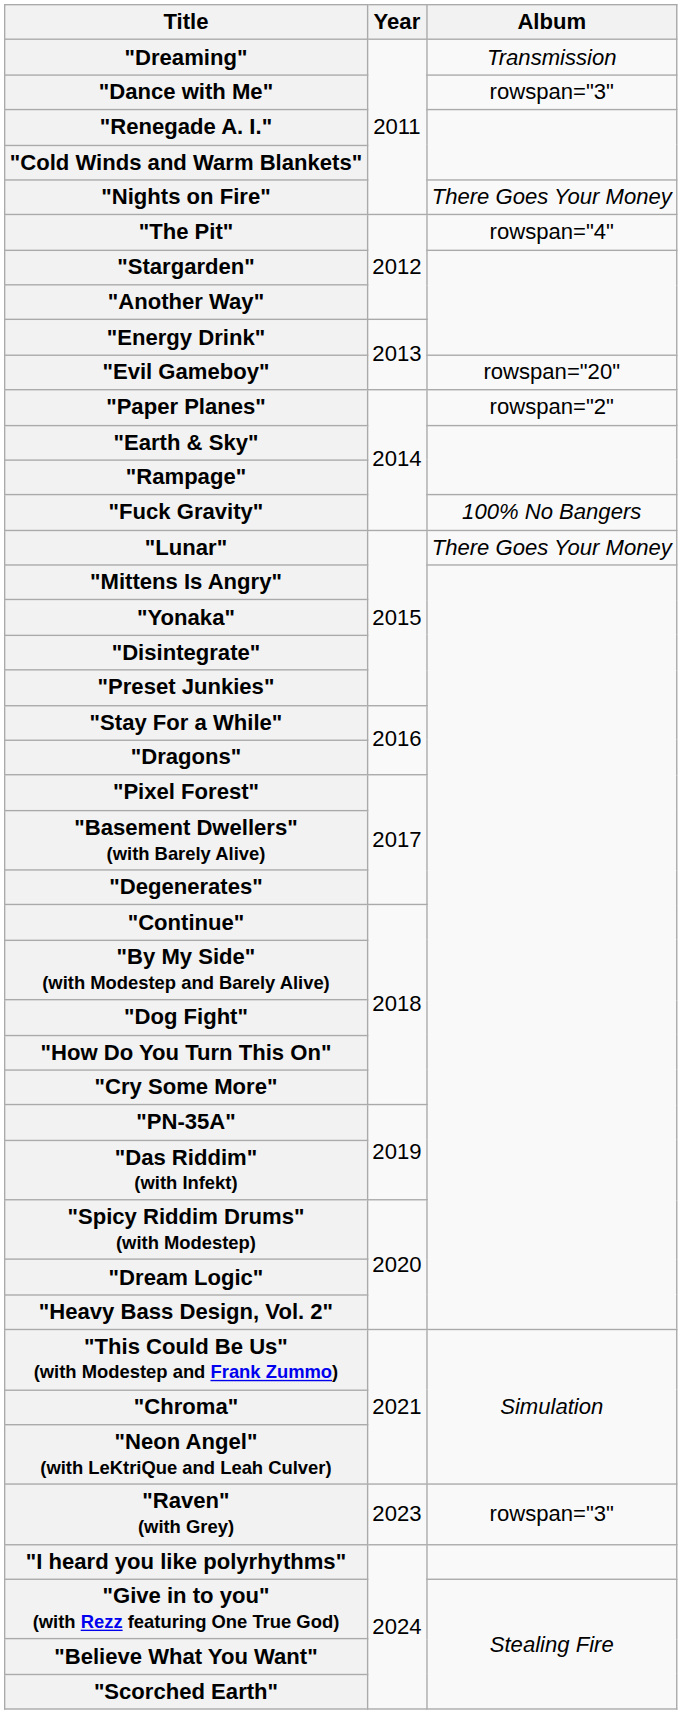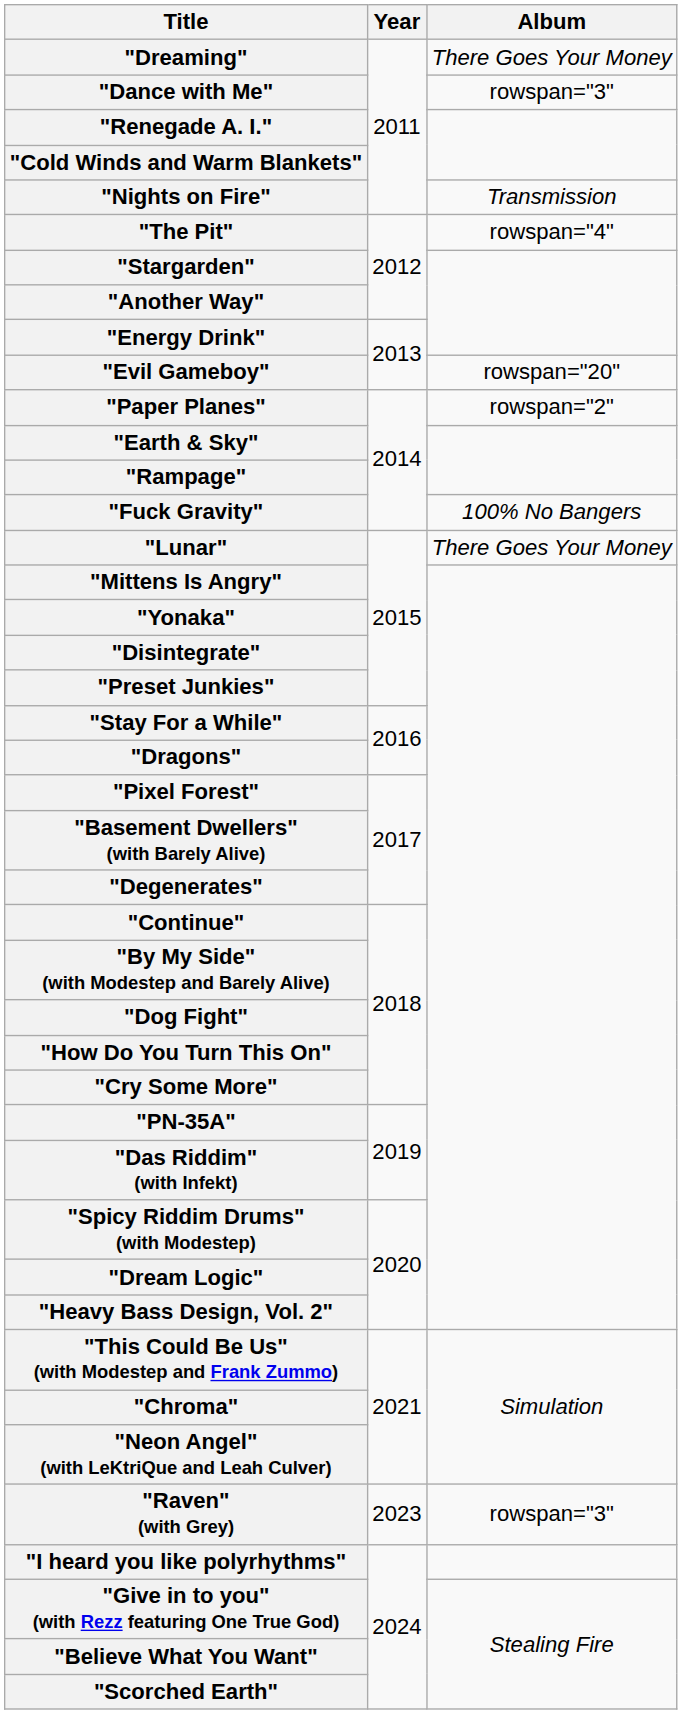 <table class="wikitable plainrowheaders" style="text-align:center;">
 <tr>
 <th scope="col">Title</th>
 <th scope="col">Year</th>
 <th scope="col">Album</th>
 </tr>
 <tr>
 <th scope="row">"Dreaming"</th>
 <td rowspan="5">2011</td>
-<td><em>Transmission</em></td>
+<td><em>There Goes Your Money</em></td>
 </tr>
 <tr>
 <th scope="row">"Dance with Me"</th>
 <td>rowspan="3" </td>
 </tr>
 <tr>
 <th scope="row">"Renegade A. I."</th>
 </tr>
 <tr>
 <th scope="row">"Cold Winds and Warm Blankets"</th>
 </tr>
 <tr>
 <th scope="row">"Nights on Fire"</th>
-<td><em>There Goes Your Money</em></td>
+<td><em>Transmission</em></td>
 </tr>
 <tr>
 <th scope="row">"The Pit"</th>
 <td rowspan="3">2012</td>
 <td>rowspan="4" </td>
 </tr>
 <tr>
 <th scope="row">"Stargarden"</th>
 </tr>
 <tr>
 <th scope="row">"Another Way"</th>
 </tr>
 <tr>
 <th scope="row">"Energy Drink"</th>
 <td rowspan="2">2013</td>
 </tr>
 <tr>
 <th scope="row">"Evil Gameboy"</th>
 <td>rowspan="20" </td>
 </tr>
 <tr>
 <th scope="row">"Paper Planes"</th>
 <td rowspan="4">2014</td>
 <td>rowspan="2" </td>
 </tr>
 <tr>
 <th scope="row">"Earth & Sky"</th>
 </tr>
 <tr>
 <th scope="row">"Rampage"</th>
 </tr>
 <tr>
 <th scope="row">"Fuck Gravity"</th>
 <td><em>100% No Bangers</em></td>
 </tr>
 <tr>
 <th scope="row">"Lunar"</th>
 <td rowspan="5">2015</td>
 <td><em>There Goes Your Money</em></td>
 </tr>
 <tr>
 <th scope="row">"Mittens Is Angry"</th>
 </tr>
 <tr>
 <th scope="row">"Yonaka"</th>
 </tr>
 <tr>
 <th scope="row">"Disintegrate"</th>
 </tr>
 <tr>
 <th scope="row">"Preset Junkies"</th>
 </tr>
 <tr>
 <th scope="row">"Stay For a While"</th>
 <td rowspan="2">2016</td>
 </tr>
 <tr>
 <th scope="row">"Dragons"</th>
 </tr>
 <tr>
 <th scope="row">"Pixel Forest"</th>
 <td rowspan="3">2017</td>
 </tr>
 <tr>
 <th scope="row">"Basement Dwellers" <br><small>(with Barely Alive)</small></th>
 </tr>
 <tr>
 <th scope="row">"Degenerates"</th>
 </tr>
 <tr>
 <th scope="row">"Continue"</th>
 <td rowspan="5">2018</td>
 </tr>
 <tr>
 <th scope="row">"By My Side" <br><small>(with Modestep and Barely Alive)</small></th>
 </tr>
 <tr>
 <th scope="row">"Dog Fight"</th>
 </tr>
 <tr>
 <th scope="row">"How Do You Turn This On"</th>
 </tr>
 <tr>
 <th scope="row">"Cry Some More"</th>
 </tr>
 <tr>
 <th scope="row">"PN-35A"</th>
 <td rowspan="2">2019</td>
 </tr>
 <tr>
 <th scope="row">"Das Riddim" <br><small>(with Infekt)</small></th>
 </tr>
 <tr>
 <th scope="row">"Spicy Riddim Drums" <br><small>(with Modestep)</small></th>
 <td rowspan="3">2020</td>
 </tr>
 <tr>
 <th scope="row">"Dream Logic"</th>
 </tr>
 <tr>
 <th scope="row">"Heavy Bass Design, Vol. 2" <br></th>
 </tr>
 <tr>
 <th scope="row">"This Could Be Us" <br><small>(with Modestep and <a href='#'>Frank Zummo</a>)</small></th>
 <td rowspan="3">2021</td>
 <td rowspan="3"><em>Simulation</em></td>
 </tr>
 <tr>
 <th scope="row">"Chroma"</th>
 </tr>
 <tr>
 <th scope="row">"Neon Angel" <br><small>(with LeKtriQue and Leah Culver)</small></th>
 </tr>
 <tr>
 <th scope="row">"Raven"<br><small>(with Grey)</small></th>
 <td>2023</td>
 <td>rowspan="3" </td>
 </tr>
 <tr>
 <th scope="row">"I heard you like polyrhythms"</th>
 <td rowspan="6">2024</td>
 </tr>
 <tr>
 <th scope="row">"Give in to you"<br><small>(with <a href='#'>Rezz</a> featuring One True God)</small></th>
 <td rowspan="3"><em>Stealing Fire</em></td>
 </tr>
 <tr>
 <th scope="row">"Believe What You Want"</th>
 </tr>
 <tr>
 <th scope="row">"Scorched Earth"</th>
 </tr>
 </table>
